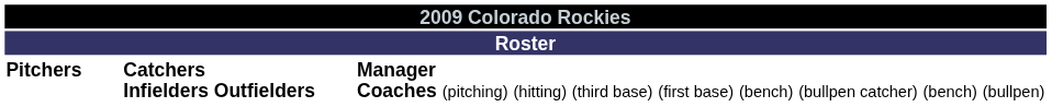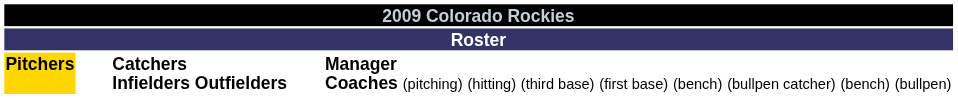 <table class="toccolours" style="font-size: 95%;">
 <tr>
 <th colspan="10" style="background:#000000; color:#C4CED4; text-align:center;">2009 Colorado Rockies</th>
 </tr>
 <tr>
 <td colspan="10" style="background:#333366; color:#FFFFFF; text-align:center;"><strong>Roster</strong></td>
 </tr>
 <tr>
-<td valign="top"><strong>Pitchers</strong><br>                         </td>
+<td valign="top" style="background: gold;"><strong>Pitchers</strong><br>                         </td>
 <td style="width:25px;"></td>
 <td valign="top"><strong>Catchers</strong><br>    <strong>Infielders</strong>           <strong>Outfielders</strong>      </td>
 <td style="width:25px;"></td>
 <td valign="top"><strong>Manager</strong><br>  <strong>Coaches</strong>  <small>(pitching)</small>  <small>(hitting)</small>  <small>(third base)</small>  <small>(first base)</small>  <small>(bench)</small>  <small>(bullpen catcher)</small>  <small>(bench)</small>  <small>(bullpen)</small></td>
 </tr>
 </table>
